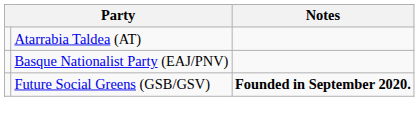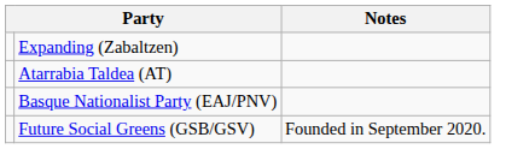 <table class="wikitable" style="text-align:left;">
 <tr>
 <th colspan="2">Party</th>
 <th>Notes</th>
+</tr>
+<tr>
+<td width="1"></td>
+<td><a href='#'>Expanding</a> (Zabaltzen)</td>
+<td></td>
 </tr>
 <tr>
 <td></td>
 <td><a href='#'>Atarrabia Taldea</a> (AT)</td>
 <td></td>
 </tr>
 <tr>
 <td></td>
 <td><a href='#'>Basque Nationalist Party</a> (EAJ/PNV)</td>
 <td></td>
 </tr>
 <tr>
 <td></td>
 <td><a href='#'>Future Social Greens</a> (GSB/GSV)</td>
-<td><strong>Founded in September 2020.</strong></td>
+<td>Founded in September 2020.</td>
 </tr>
 </table>
